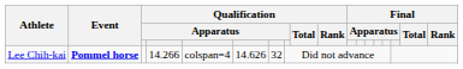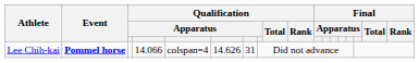 <table class="wikitable" style="font-size:90%">
 <tr>
 <th rowspan=3>Athlete</th>
 <th rowspan=3>Event</th>
 <th colspan =8>Qualification</th>
 <th colspan =8>Final</th>
 </tr>
 <tr style="font-size:95%">
 <th colspan=6>Apparatus</th>
 <th rowspan=2>Total</th>
 <th rowspan=2>Rank</th>
 <th colspan=6>Apparatus</th>
 <th rowspan=2>Total</th>
 <th rowspan=2>Rank</th>
 </tr>
 <tr style="font-size:95%">
 <th></th>
 <th></th>
 <th></th>
 <th></th>
 <th></th>
 <th></th>
 <th></th>
 <th></th>
 <th></th>
 <th></th>
 <th></th>
 <th></th>
 </tr>
 <tr align=center>
 <td align=left><a href='#'>Lee Chih-kai</a></td>
 <td align=left><strong><a href='#'>Pommel horse</a></strong></td>
 <td></td>
-<td>14.266</td>
+<td>14.066</td>
 <td>colspan=4 </td>
 <td>14.626</td>
-<td>32</td>
+<td>31</td>
 <td colspan=8>Did not advance</td>
 </tr>
 </table>
